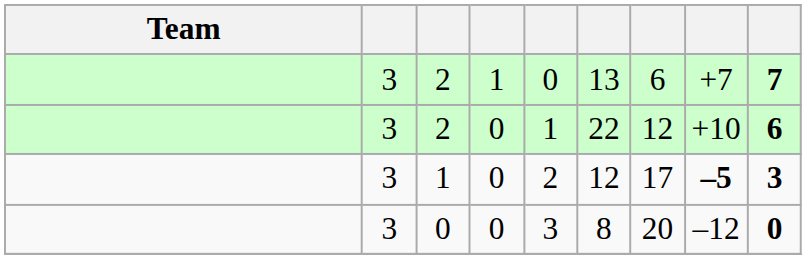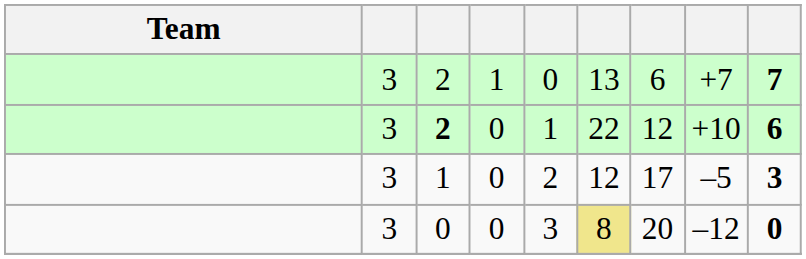 <table class="wikitable" style="text-align: center;">
 <tr>
 <th width="175">Team</th>
 <th width="20"></th>
 <th width="20"></th>
 <th width="20"></th>
 <th width="20"></th>
 <th width="20"></th>
 <th width="20"></th>
 <th width="20"></th>
 <th width="20"></th>
 </tr>
 <tr align=center bgcolor=#ccffcc>
 <td style="text-align:left;"></td>
 <td>3</td>
 <td>2</td>
 <td>1</td>
 <td>0</td>
 <td>13</td>
 <td>6</td>
 <td>+7</td>
 <td><strong>7</strong></td>
 </tr>
 <tr align=center bgcolor=#ccffcc>
 <td style="text-align:left;"></td>
 <td>3</td>
-<td>2</td>
+<td><strong>2</strong></td>
 <td>0</td>
 <td>1</td>
 <td>22</td>
 <td>12</td>
 <td>+10</td>
 <td><strong>6</strong></td>
 </tr>
 <tr>
 <td style="text-align:left;"></td>
 <td>3</td>
 <td>1</td>
 <td>0</td>
 <td>2</td>
 <td>12</td>
 <td>17</td>
-<td><strong>–5</strong></td>
+<td>–5</td>
 <td><strong>3</strong></td>
 </tr>
 <tr>
 <td style="text-align:left;"></td>
 <td>3</td>
 <td>0</td>
 <td>0</td>
 <td>3</td>
-<td>8</td>
+<td style="background: khaki;">8</td>
 <td>20</td>
 <td>–12</td>
 <td><strong>0</strong></td>
 </tr>
 <tr>
 </tr>
 </table>
